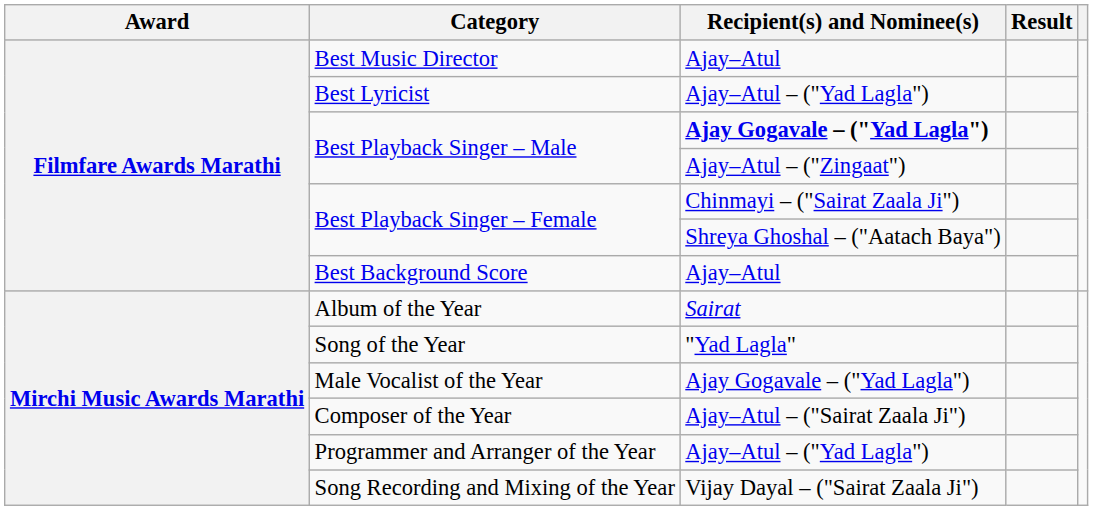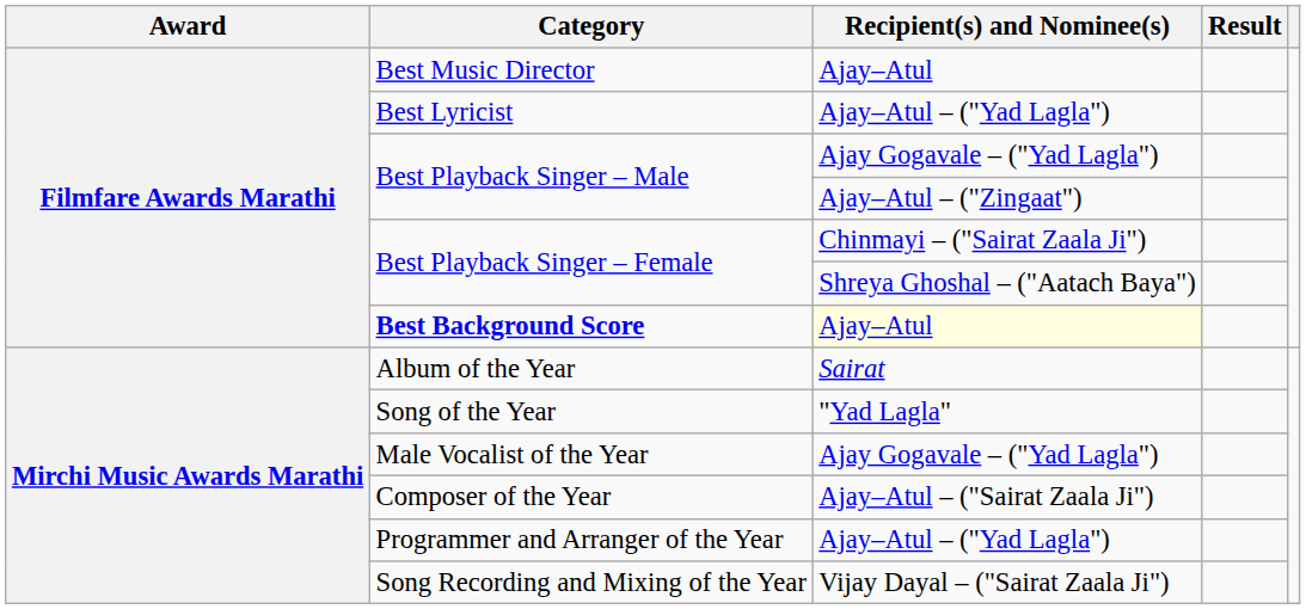 <table class="wikitable plainrowheaders sortable">
 <tr>
 <th scope="col">Award</th>
 <th scope="col">Category</th>
 <th scope="col">Recipient(s) and Nominee(s)</th>
 <th scope="col">Result</th>
 <th scope="col" class="unsortable"></th>
 </tr>
 <tr>
 <th rowspan="7" scope="row"><a href='#'>Filmfare Awards Marathi</a></th>
 <td><a href='#'>Best Music Director</a></td>
 <td><a href='#'>Ajay–Atul</a></td>
 <td></td>
 <td rowspan="7" align="center"><br></td>
 </tr>
 <tr>
 <td><a href='#'>Best Lyricist</a></td>
 <td><a href='#'>Ajay–Atul</a> – ("<a href='#'>Yad Lagla</a>")</td>
 <td></td>
 </tr>
 <tr>
 <td rowspan="2"><a href='#'>Best Playback Singer – Male</a></td>
-<td><strong><a href='#'>Ajay Gogavale</a> – ("<a href='#'>Yad Lagla</a>")</strong></td>
+<td><a href='#'>Ajay Gogavale</a> – ("<a href='#'>Yad Lagla</a>")</td>
 <td></td>
 </tr>
 <tr>
 <td><a href='#'>Ajay–Atul</a> – ("<a href='#'>Zingaat</a>")</td>
 <td></td>
 </tr>
 <tr>
 <td rowspan="2"><a href='#'>Best Playback Singer – Female</a></td>
 <td><a href='#'>Chinmayi</a> – ("<a href='#'>Sairat Zaala Ji</a>")</td>
 <td></td>
 </tr>
 <tr>
 <td><a href='#'>Shreya Ghoshal</a> – ("Aatach Baya")</td>
 <td></td>
 </tr>
 <tr>
-<td><a href='#'>Best Background Score</a></td>
-<td><a href='#'>Ajay–Atul</a></td>
+<td><strong><a href='#'>Best Background Score</a></strong></td>
+<td style="background: lightyellow;"><a href='#'>Ajay–Atul</a></td>
 <td></td>
 </tr>
 <tr>
 <th rowspan="6" scope="row"><a href='#'>Mirchi Music Awards Marathi</a></th>
 <td>Album of the Year</td>
 <td><em><a href='#'>Sairat</a></em></td>
 <td></td>
 <td rowspan="6" align="center"><br></td>
 </tr>
 <tr>
 <td>Song of the Year</td>
 <td>"<a href='#'>Yad Lagla</a>"</td>
 <td></td>
 </tr>
 <tr>
 <td>Male Vocalist of the Year</td>
 <td><a href='#'>Ajay Gogavale</a> – ("<a href='#'>Yad Lagla</a>")</td>
 <td></td>
 </tr>
 <tr>
 <td>Composer of the Year</td>
 <td><a href='#'>Ajay–Atul</a> – ("Sairat Zaala Ji")</td>
 <td></td>
 </tr>
 <tr>
 <td>Programmer and Arranger of the Year</td>
 <td><a href='#'>Ajay–Atul</a> – ("<a href='#'>Yad Lagla</a>")</td>
 <td></td>
 </tr>
 <tr>
 <td>Song Recording and Mixing of the Year</td>
 <td>Vijay Dayal – ("Sairat Zaala Ji")</td>
 <td></td>
 </tr>
 </table>
